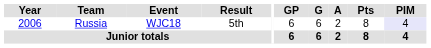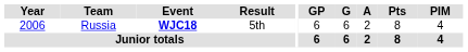 <table border="0" cellpadding="1" cellspacing="0" ID="Table3" style="text-align:center; width:40em">
 <tr ALIGN="center" bgcolor="#e0e0e0">
 <th>Year</th>
 <th>Team</th>
 <th>Event</th>
 <th>Result</th>
 <th rowspan="99" bgcolor="#ffffff"></th>
 <th>GP</th>
 <th>G</th>
 <th>A</th>
 <th>Pts</th>
 <th>PIM</th>
 </tr>
 <tr ALIGN="center">
 <td><a href='#'>2006</a></td>
 <td><a href='#'>Russia</a></td>
-<td><a href='#'>WJC18</a></td>
+<td><strong><a href='#'>WJC18</a></strong></td>
 <td>5th</td>
 <td>6</td>
 <td>6</td>
 <td>2</td>
 <td>8</td>
-<td style="background: lavender;">4</td>
+<td>4</td>
 </tr>
 <tr bgcolor="#e0e0e0">
 <th colspan="4">Junior totals</th>
 <th>6</th>
 <th>6</th>
 <th>2</th>
 <th>8</th>
 <th>4</th>
 </tr>
 </table>
